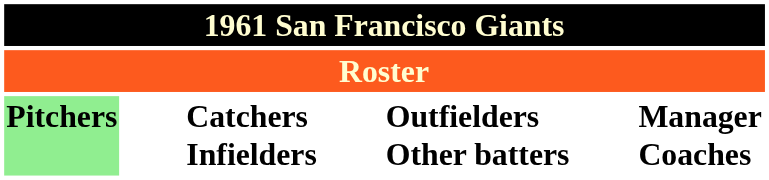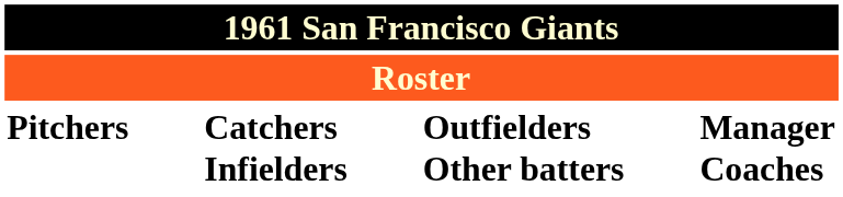 <table class="toccolours" style="font-size: 95%;">
 <tr>
 <th colspan="10" style="background-color: black; color: #FFFDD0; text-align: center;">1961 San Francisco Giants</th>
 </tr>
 <tr>
 <td colspan="10" style="background-color: #fd5a1e; color: #FFFDD0; text-align: center;"><strong>Roster</strong></td>
 </tr>
 <tr>
-<td valign="top" style="background: lightgreen;"><strong>Pitchers</strong><br>           </td>
+<td valign="top"><strong>Pitchers</strong><br>           </td>
 <td width="25px"></td>
 <td valign="top"><strong>Catchers</strong><br>     <strong>Infielders</strong>         </td>
 <td width="25px"></td>
 <td valign="top"><strong>Outfielders</strong><br>     <strong>Other batters</strong> </td>
 <td width="25px"></td>
 <td valign="top"><strong>Manager</strong><br> <strong>Coaches</strong>    </td>
 </tr>
 <tr>
 </tr>
 </table>
